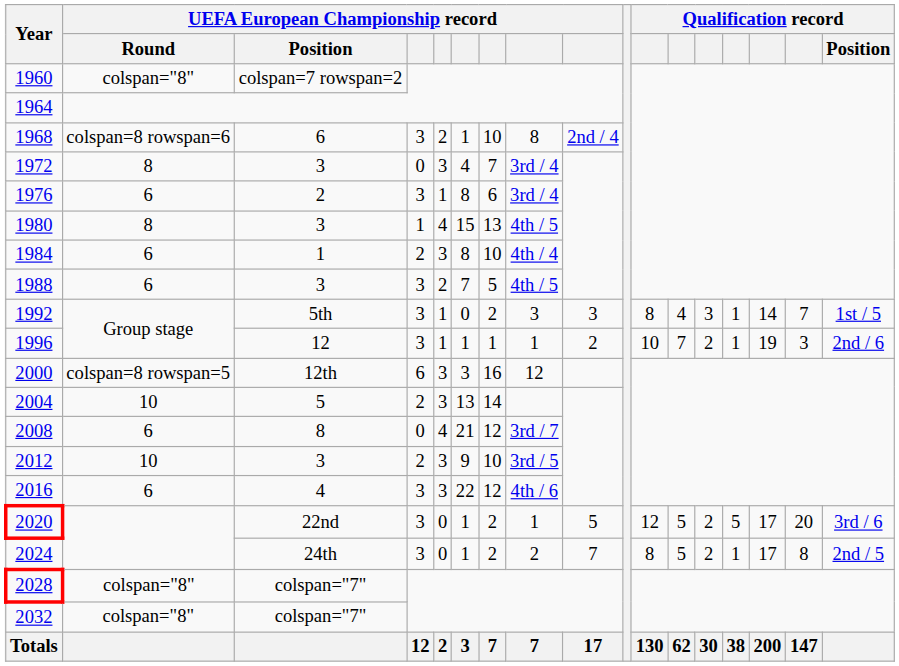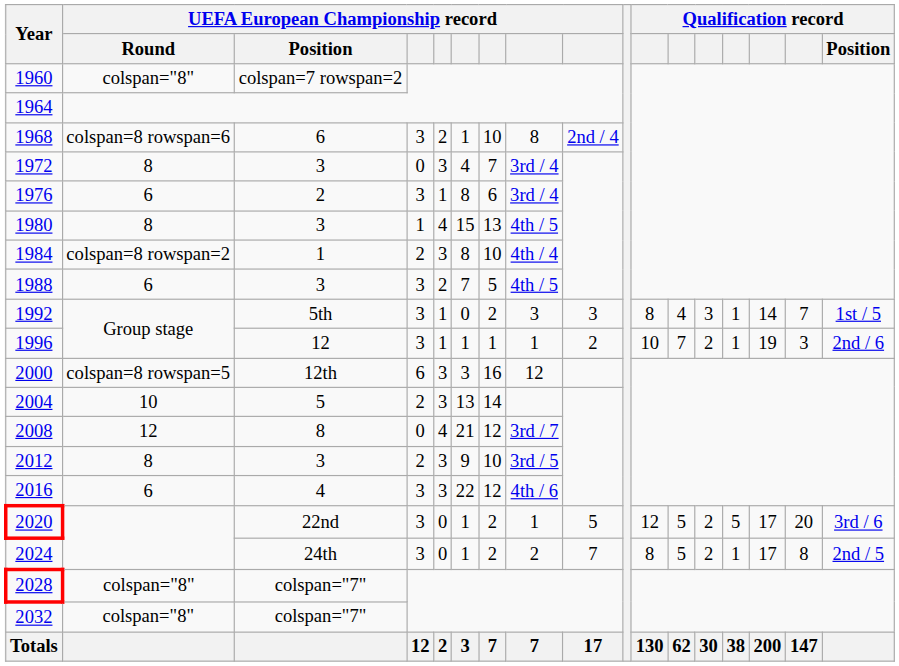 <table class="wikitable" style="text-align: center;font-size:100%;">
 <tr>
 <th rowspan="2">Year</th>
 <th colspan="8"><a href='#'>UEFA European Championship</a> record</th>
 <th rowspan="22"></th>
 <th colspan="7"><a href='#'>Qualification</a> record</th>
 </tr>
 <tr>
 <th>Round</th>
 <th>Position</th>
 <th></th>
 <th></th>
 <th></th>
 <th></th>
 <th></th>
 <th></th>
 <th></th>
 <th></th>
 <th></th>
 <th></th>
 <th></th>
 <th></th>
 <th>Position</th>
 </tr>
 <tr>
 <td><a href='#'>1960</a></td>
 <td>colspan="8" </td>
 <td>colspan=7 rowspan=2 </td>
 </tr>
 <tr>
 <td><a href='#'>1964</a></td>
 </tr>
 <tr>
 <td><a href='#'>1968</a></td>
 <td>colspan=8 rowspan=6 </td>
 <td>6</td>
 <td>3</td>
 <td>2</td>
 <td>1</td>
 <td>10</td>
 <td>8</td>
 <td><a href='#'>2nd / 4</a></td>
 </tr>
 <tr>
 <td><a href='#'>1972</a></td>
 <td>8</td>
 <td>3</td>
 <td>0</td>
 <td>3</td>
 <td>4</td>
 <td>7</td>
 <td><a href='#'>3rd / 4</a></td>
 </tr>
 <tr>
 <td><a href='#'>1976</a></td>
 <td>6</td>
 <td>2</td>
 <td>3</td>
 <td>1</td>
 <td>8</td>
 <td>6</td>
 <td><a href='#'>3rd / 4</a></td>
 </tr>
 <tr>
 <td><a href='#'>1980</a></td>
 <td>8</td>
 <td>3</td>
 <td>1</td>
 <td>4</td>
 <td>15</td>
 <td>13</td>
 <td><a href='#'>4th / 5</a></td>
 </tr>
 <tr>
 <td><a href='#'>1984</a></td>
-<td>6</td>
+<td>colspan=8 rowspan=2 </td>
 <td>1</td>
 <td>2</td>
 <td>3</td>
 <td>8</td>
 <td>10</td>
 <td><a href='#'>4th / 4</a></td>
 </tr>
 <tr>
 <td><a href='#'>1988</a></td>
 <td>6</td>
 <td>3</td>
 <td>3</td>
 <td>2</td>
 <td>7</td>
 <td>5</td>
 <td><a href='#'>4th / 5</a></td>
 </tr>
 <tr>
 <td><a href='#'>1992</a></td>
 <td rowspan="2">Group stage</td>
 <td>5th</td>
 <td>3</td>
 <td>1</td>
 <td>0</td>
 <td>2</td>
 <td>3</td>
 <td>3</td>
 <td>8</td>
 <td>4</td>
 <td>3</td>
 <td>1</td>
 <td>14</td>
 <td>7</td>
 <td><a href='#'>1st / 5</a></td>
 </tr>
 <tr>
 <td><a href='#'>1996</a></td>
 <td>12</td>
 <td>3</td>
 <td>1</td>
 <td>1</td>
 <td>1</td>
 <td>1</td>
 <td>2</td>
 <td>10</td>
 <td>7</td>
 <td>2</td>
 <td>1</td>
 <td>19</td>
 <td>3</td>
 <td><a href='#'>2nd / 6</a></td>
 </tr>
 <tr>
 <td><a href='#'>2000</a></td>
 <td>colspan=8 rowspan=5 </td>
 <td>12th</td>
 <td>6</td>
 <td>3</td>
 <td>3</td>
 <td>16</td>
 <td>12</td>
 <td></td>
 </tr>
 <tr>
 <td><a href='#'>2004</a></td>
 <td>10</td>
 <td>5</td>
 <td>2</td>
 <td>3</td>
 <td>13</td>
 <td>14</td>
 <td></td>
 </tr>
 <tr>
 <td><a href='#'>2008</a></td>
-<td>6</td>
+<td>12</td>
 <td>8</td>
 <td>0</td>
 <td>4</td>
 <td>21</td>
 <td>12</td>
 <td><a href='#'>3rd / 7</a></td>
 </tr>
 <tr>
 <td><a href='#'>2012</a></td>
-<td>10</td>
+<td>8</td>
 <td>3</td>
 <td>2</td>
 <td>3</td>
 <td>9</td>
 <td>10</td>
 <td><a href='#'>3rd / 5</a></td>
 </tr>
 <tr>
 <td><a href='#'>2016</a></td>
 <td>6</td>
 <td>4</td>
 <td>3</td>
 <td>3</td>
 <td>22</td>
 <td>12</td>
 <td><a href='#'>4th / 6</a></td>
 </tr>
 <tr>
 <td style="border: 3px solid red"><a href='#'>2020</a></td>
 <td rowspan=2></td>
 <td>22nd</td>
 <td>3</td>
 <td>0</td>
 <td>1</td>
 <td>2</td>
 <td>1</td>
 <td>5</td>
 <td>12</td>
 <td>5</td>
 <td>2</td>
 <td>5</td>
 <td>17</td>
 <td>20</td>
 <td><a href='#'>3rd / 6</a></td>
 </tr>
 <tr>
 <td><a href='#'>2024</a></td>
 <td>24th</td>
 <td>3</td>
 <td>0</td>
 <td>1</td>
 <td>2</td>
 <td>2</td>
 <td>7</td>
 <td>8</td>
 <td>5</td>
 <td>2</td>
 <td>1</td>
 <td>17</td>
 <td>8</td>
 <td><a href='#'>2nd / 5</a></td>
 </tr>
 <tr>
 <td style="border: 3px solid red"><a href='#'>2028</a></td>
 <td>colspan="8" </td>
 <td>colspan="7" </td>
 </tr>
 <tr>
 <td><a href='#'>2032</a></td>
 <td>colspan="8" </td>
 <td>colspan="7" </td>
 </tr>
 <tr>
 <th>Totals</th>
 <th></th>
 <th></th>
 <th>12</th>
 <th>2</th>
 <th>3</th>
 <th>7</th>
 <th>7</th>
 <th>17</th>
 <th>130</th>
 <th>62</th>
 <th>30</th>
 <th>38</th>
 <th>200</th>
 <th>147</th>
 <th></th>
 </tr>
 </table>
